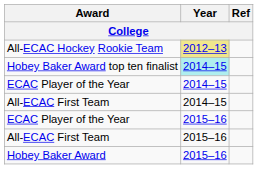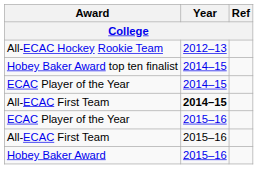 <table class="wikitable">
 <tr>
 <th>Award</th>
 <th>Year</th>
 <th>Ref</th>
 </tr>
 <tr>
 <th colspan="3"><a href='#'>College</a></th>
 </tr>
 <tr>
 <td>All-<a href='#'>ECAC Hockey</a> <a href='#'>Rookie Team</a></td>
-<td style="background: khaki;"><a href='#'>2012–13</a></td>
+<td><a href='#'>2012–13</a></td>
 <td></td>
 </tr>
 <tr>
 <td><a href='#'>Hobey Baker Award</a> top ten finalist</td>
-<td style="background: paleturquoise;"><a href='#'>2014–15</a></td>
+<td><a href='#'>2014–15</a></td>
 <td></td>
 </tr>
 <tr>
 <td><a href='#'>ECAC</a> Player of the Year</td>
 <td><a href='#'>2014–15</a></td>
 <td></td>
 </tr>
 <tr>
 <td>All-<a href='#'>ECAC</a> First Team</td>
-<td>2014–15</td>
+<td><strong>2014–15</strong></td>
 <td></td>
 </tr>
 <tr>
 <td><a href='#'>ECAC</a> Player of the Year</td>
 <td><a href='#'>2015–16</a></td>
 <td></td>
 </tr>
 <tr>
 <td>All-<a href='#'>ECAC</a> First Team</td>
 <td>2015–16</td>
 <td></td>
 </tr>
 <tr>
 <td><a href='#'>Hobey Baker Award</a></td>
 <td><a href='#'>2015–16</a></td>
 <td></td>
 </tr>
 </table>
